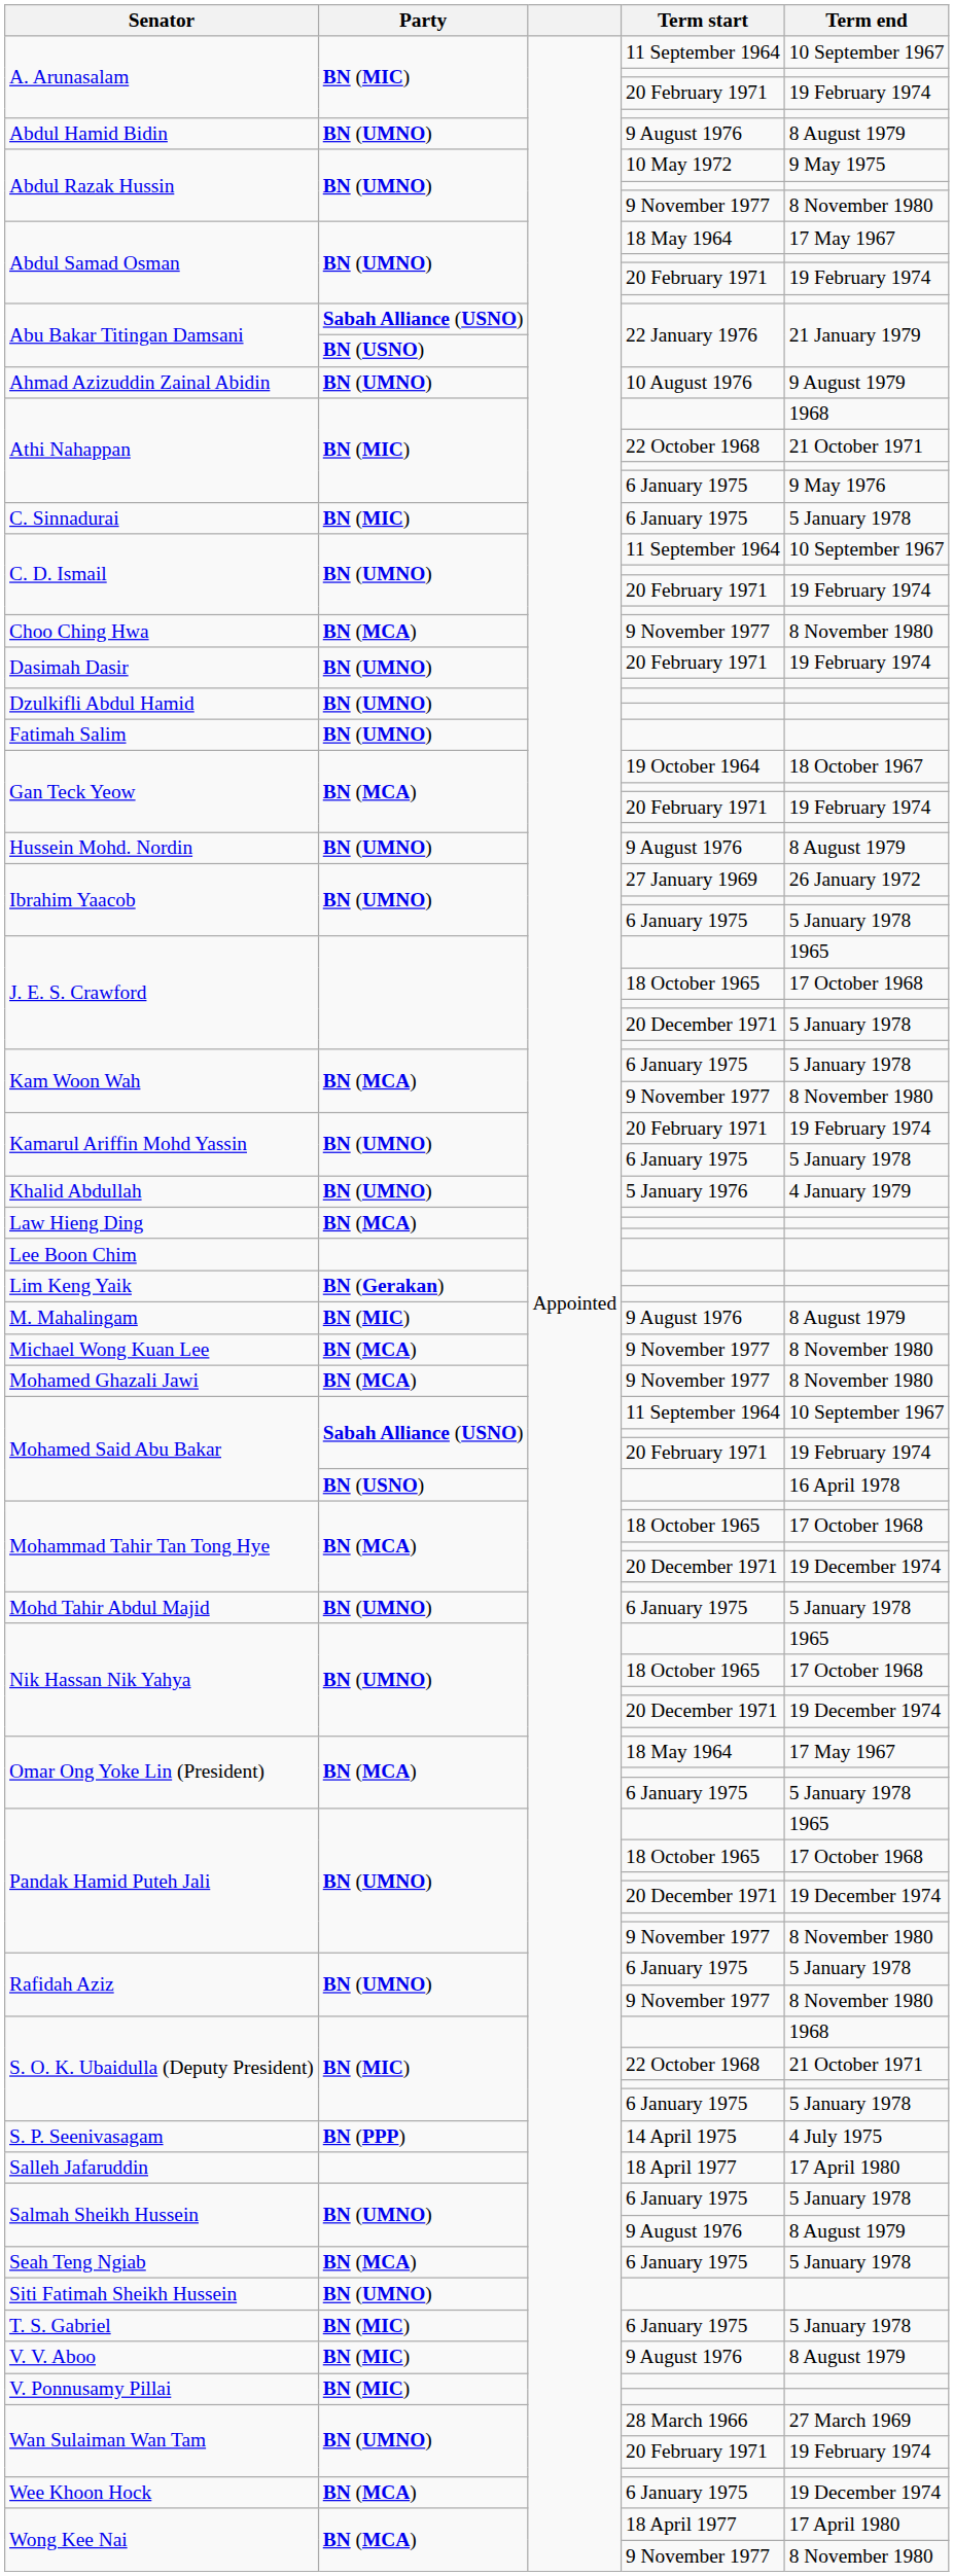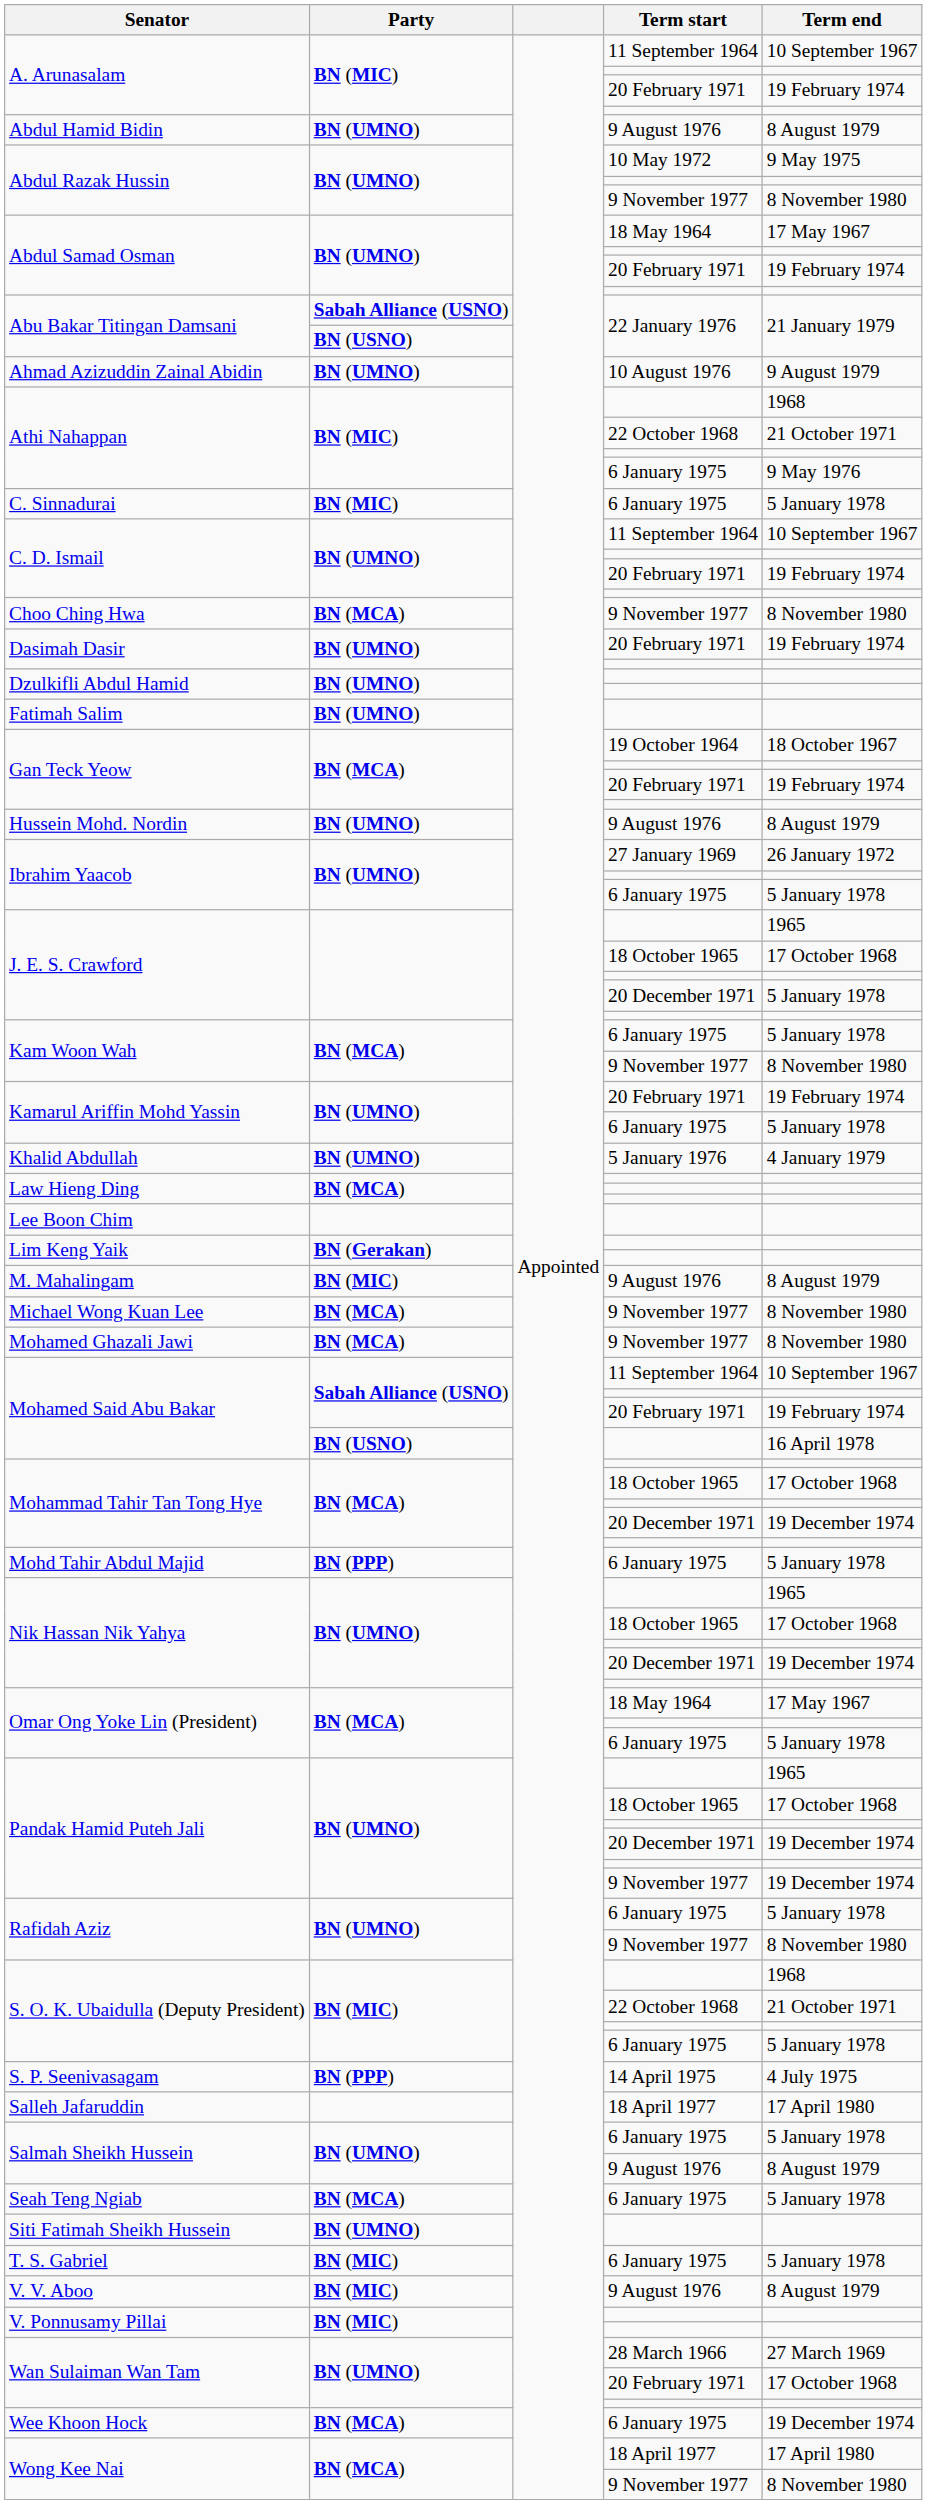 <table class="wikitable sortable">
 <tr>
 <th>Senator</th>
 <th>Party</th>
 <th></th>
 <th>Term start</th>
 <th>Term end</th>
 </tr>
 <tr>
 <td rowspan=4><a href='#'>A. Arunasalam</a></td>
 <td rowspan=4><strong><a href='#'>BN</a></strong> (<strong><a href='#'>MIC</a></strong>)</td>
 <td rowspan="103">Appointed</td>
 <td>11 September 1964</td>
 <td>10 September 1967</td>
 </tr>
 <tr>
 <td></td>
 <td></td>
 </tr>
 <tr>
 <td>20 February 1971</td>
 <td>19 February 1974</td>
 </tr>
 <tr>
 <td></td>
 <td></td>
 </tr>
 <tr>
 <td><a href='#'>Abdul Hamid Bidin</a></td>
 <td><strong><a href='#'>BN</a></strong> (<strong><a href='#'>UMNO</a></strong>)</td>
 <td>9 August 1976</td>
 <td>8 August 1979</td>
 </tr>
 <tr>
 <td rowspan=3><a href='#'>Abdul Razak Hussin</a></td>
 <td rowspan=3><strong><a href='#'>BN</a></strong> (<strong><a href='#'>UMNO</a></strong>)</td>
 <td>10 May 1972</td>
 <td>9 May 1975</td>
 </tr>
 <tr>
 <td></td>
 <td></td>
 </tr>
 <tr>
 <td>9 November 1977</td>
 <td>8 November 1980</td>
 </tr>
 <tr>
 <td rowspan=4><a href='#'>Abdul Samad Osman</a></td>
 <td rowspan=4><strong><a href='#'>BN</a></strong> (<strong><a href='#'>UMNO</a></strong>)</td>
 <td>18 May 1964</td>
 <td>17 May 1967</td>
 </tr>
 <tr>
 <td></td>
 <td></td>
 </tr>
 <tr>
 <td>20 February 1971</td>
 <td>19 February 1974</td>
 </tr>
 <tr>
 <td></td>
 <td></td>
 </tr>
 <tr>
 <td rowspan="2"><a href='#'>Abu Bakar Titingan Damsani</a></td>
 <td><strong><a href='#'>Sabah Alliance</a></strong> (<strong><a href='#'>USNO</a></strong>)</td>
 <td rowspan="2">22 January 1976</td>
 <td rowspan="2">21 January 1979</td>
 </tr>
 <tr>
 <td><strong><a href='#'>BN</a></strong> (<strong><a href='#'>USNO</a></strong>)</td>
 </tr>
 <tr>
 <td><a href='#'>Ahmad Azizuddin Zainal Abidin</a></td>
 <td><strong><a href='#'>BN</a></strong> (<strong><a href='#'>UMNO</a></strong>)</td>
 <td>10 August 1976</td>
 <td>9 August 1979</td>
 </tr>
 <tr>
 <td rowspan=4><a href='#'>Athi Nahappan</a></td>
 <td rowspan=4><strong><a href='#'>BN</a></strong> (<strong><a href='#'>MIC</a></strong>)</td>
 <td></td>
 <td>1968</td>
 </tr>
 <tr>
 <td>22 October 1968</td>
 <td>21 October 1971</td>
 </tr>
 <tr>
 <td></td>
 <td></td>
 </tr>
 <tr>
 <td>6 January 1975</td>
 <td>9 May 1976</td>
 </tr>
 <tr>
 <td><a href='#'>C. Sinnadurai</a></td>
 <td><strong><a href='#'>BN</a></strong> (<strong><a href='#'>MIC</a></strong>)</td>
 <td>6 January 1975</td>
 <td>5 January 1978</td>
 </tr>
 <tr>
 <td rowspan=4><a href='#'>C. D. Ismail</a></td>
 <td rowspan=4><strong><a href='#'>BN</a></strong> (<strong><a href='#'>UMNO</a></strong>)</td>
 <td>11 September 1964</td>
 <td>10 September 1967</td>
 </tr>
 <tr>
 <td></td>
 <td></td>
 </tr>
 <tr>
 <td>20 February 1971</td>
 <td>19 February 1974</td>
 </tr>
 <tr>
 <td></td>
 <td></td>
 </tr>
 <tr>
 <td><a href='#'>Choo Ching Hwa</a></td>
 <td><strong><a href='#'>BN</a></strong> (<strong><a href='#'>MCA</a></strong>)</td>
 <td>9 November 1977</td>
 <td>8 November 1980</td>
 </tr>
 <tr>
 <td rowspan=2><a href='#'>Dasimah Dasir</a></td>
 <td rowspan=2><strong><a href='#'>BN</a></strong> (<strong><a href='#'>UMNO</a></strong>)</td>
 <td>20 February 1971</td>
 <td>19 February 1974</td>
 </tr>
 <tr>
 <td></td>
 <td></td>
 </tr>
 <tr>
 <td rowspan=2><a href='#'>Dzulkifli Abdul Hamid</a></td>
 <td rowspan=2><strong><a href='#'>BN</a></strong> (<strong><a href='#'>UMNO</a></strong>)</td>
 <td></td>
 <td></td>
 </tr>
 <tr>
 <td></td>
 <td></td>
 </tr>
 <tr>
 <td><a href='#'>Fatimah Salim</a></td>
 <td><strong><a href='#'>BN</a></strong> (<strong><a href='#'>UMNO</a></strong>)</td>
 <td></td>
 <td></td>
 </tr>
 <tr>
 <td rowspan=4><a href='#'>Gan Teck Yeow</a></td>
 <td rowspan=4><strong><a href='#'>BN</a></strong> (<strong><a href='#'>MCA</a></strong>)</td>
 <td>19 October 1964</td>
 <td>18 October 1967</td>
 </tr>
 <tr>
 <td></td>
 <td></td>
 </tr>
 <tr>
 <td>20 February 1971</td>
 <td>19 February 1974</td>
 </tr>
 <tr>
 <td></td>
 <td></td>
 </tr>
 <tr>
 <td><a href='#'>Hussein Mohd. Nordin</a></td>
 <td><strong><a href='#'>BN</a></strong> (<strong><a href='#'>UMNO</a></strong>)</td>
 <td>9 August 1976</td>
 <td>8 August 1979</td>
 </tr>
 <tr>
 <td rowspan=3><a href='#'>Ibrahim Yaacob</a></td>
 <td rowspan=3><strong><a href='#'>BN</a></strong> (<strong><a href='#'>UMNO</a></strong>)</td>
 <td>27 January 1969</td>
 <td>26 January 1972</td>
 </tr>
 <tr>
 <td></td>
 <td></td>
 </tr>
 <tr>
 <td>6 January 1975</td>
 <td>5 January 1978</td>
 </tr>
 <tr>
 <td rowspan=5><a href='#'>J. E. S. Crawford</a></td>
 <td rowspan=5></td>
 <td></td>
 <td>1965</td>
 </tr>
 <tr>
 <td>18 October 1965</td>
 <td>17 October 1968</td>
 </tr>
 <tr>
 <td></td>
 <td></td>
 </tr>
 <tr>
 <td>20 December 1971</td>
 <td>5 January 1978</td>
 </tr>
 <tr>
 <td></td>
 <td></td>
 </tr>
 <tr>
 <td rowspan=2><a href='#'>Kam Woon Wah</a></td>
 <td rowspan=2><strong><a href='#'>BN</a></strong> (<strong><a href='#'>MCA</a></strong>)</td>
 <td>6 January 1975</td>
 <td>5 January 1978</td>
 </tr>
 <tr>
 <td>9 November 1977</td>
 <td>8 November 1980</td>
 </tr>
 <tr>
 <td rowspan=2><a href='#'>Kamarul Ariffin Mohd Yassin</a></td>
 <td rowspan=2><strong><a href='#'>BN</a></strong> (<strong><a href='#'>UMNO</a></strong>)</td>
 <td>20 February 1971</td>
 <td>19 February 1974</td>
 </tr>
 <tr>
 <td>6 January 1975</td>
 <td>5 January 1978</td>
 </tr>
 <tr>
 <td><a href='#'>Khalid Abdullah</a></td>
 <td><strong><a href='#'>BN</a></strong> (<strong><a href='#'>UMNO</a></strong>)</td>
 <td>5 January 1976</td>
 <td>4 January 1979</td>
 </tr>
 <tr>
 <td rowspan=3><a href='#'>Law Hieng Ding</a></td>
 <td rowspan=3><strong><a href='#'>BN</a></strong> (<strong><a href='#'>MCA</a></strong>)</td>
 <td></td>
 <td></td>
 </tr>
 <tr>
 <td></td>
 <td></td>
 </tr>
 <tr>
 <td></td>
 <td></td>
 </tr>
 <tr>
 <td><a href='#'>Lee Boon Chim</a></td>
 <td></td>
 <td></td>
 <td></td>
 </tr>
 <tr>
 <td rowspan=2><a href='#'>Lim Keng Yaik</a></td>
 <td rowspan=2><strong><a href='#'>BN</a></strong> (<strong><a href='#'>Gerakan</a></strong>)</td>
 <td></td>
 <td></td>
 </tr>
 <tr>
 <td></td>
 <td></td>
 </tr>
 <tr>
 <td><a href='#'>M. Mahalingam</a></td>
 <td><strong><a href='#'>BN</a></strong> (<strong><a href='#'>MIC</a></strong>)</td>
 <td>9 August 1976</td>
 <td>8 August 1979</td>
 </tr>
 <tr>
 <td><a href='#'>Michael Wong Kuan Lee</a></td>
 <td><strong><a href='#'>BN</a></strong> (<strong><a href='#'>MCA</a></strong>)</td>
 <td>9 November 1977</td>
 <td>8 November 1980</td>
 </tr>
 <tr>
 <td><a href='#'>Mohamed Ghazali Jawi</a></td>
 <td><strong><a href='#'>BN</a></strong> (<strong><a href='#'>MCA</a></strong>)</td>
 <td>9 November 1977</td>
 <td>8 November 1980</td>
 </tr>
 <tr>
 <td rowspan=4><a href='#'>Mohamed Said Abu Bakar</a></td>
 <td rowspan="3"><strong><a href='#'>Sabah Alliance</a></strong> (<strong><a href='#'>USNO</a></strong>)</td>
 <td>11 September 1964</td>
 <td>10 September 1967</td>
 </tr>
 <tr>
 <td></td>
 <td></td>
 </tr>
 <tr>
 <td>20 February 1971</td>
 <td>19 February 1974</td>
 </tr>
 <tr>
 <td><strong><a href='#'>BN</a></strong> (<strong><a href='#'>USNO</a></strong>)</td>
 <td></td>
 <td>16 April 1978</td>
 </tr>
 <tr>
 <td rowspan=5><a href='#'>Mohammad Tahir Tan Tong Hye</a></td>
 <td rowspan=5><strong><a href='#'>BN</a></strong> (<strong><a href='#'>MCA</a></strong>)</td>
 <td></td>
 <td></td>
 </tr>
 <tr>
 <td>18 October 1965</td>
 <td>17 October 1968</td>
 </tr>
 <tr>
 <td></td>
 <td></td>
 </tr>
 <tr>
 <td>20 December 1971</td>
 <td>19 December 1974</td>
 </tr>
 <tr>
 <td></td>
 <td></td>
 </tr>
 <tr>
 <td><a href='#'>Mohd Tahir Abdul Majid</a></td>
-<td><strong><a href='#'>BN</a></strong> (<strong><a href='#'>UMNO</a></strong>)</td>
+<td><strong><a href='#'>BN</a></strong> (<strong><a href='#'>PPP</a></strong>)</td>
 <td>6 January 1975</td>
 <td>5 January 1978</td>
 </tr>
 <tr>
 <td rowspan=5><a href='#'>Nik Hassan Nik Yahya</a></td>
 <td rowspan=5><strong><a href='#'>BN</a></strong> (<strong><a href='#'>UMNO</a></strong>)</td>
 <td></td>
 <td>1965</td>
 </tr>
 <tr>
 <td>18 October 1965</td>
 <td>17 October 1968</td>
 </tr>
 <tr>
 <td></td>
 <td></td>
 </tr>
 <tr>
 <td>20 December 1971</td>
 <td>19 December 1974</td>
 </tr>
 <tr>
 <td></td>
 <td></td>
 </tr>
 <tr>
 <td rowspan=3><a href='#'>Omar Ong Yoke Lin</a> (President)</td>
 <td rowspan=3><strong><a href='#'>BN</a></strong> (<strong><a href='#'>MCA</a></strong>)</td>
 <td>18 May 1964</td>
 <td>17 May 1967</td>
 </tr>
 <tr>
 <td></td>
 <td></td>
 </tr>
 <tr>
 <td>6 January 1975</td>
 <td>5 January 1978</td>
 </tr>
 <tr>
 <td rowspan=6><a href='#'>Pandak Hamid Puteh Jali</a></td>
 <td rowspan=6><strong><a href='#'>BN</a></strong> (<strong><a href='#'>UMNO</a></strong>)</td>
 <td></td>
 <td>1965</td>
 </tr>
 <tr>
 <td>18 October 1965</td>
 <td>17 October 1968</td>
 </tr>
 <tr>
 <td></td>
 <td></td>
 </tr>
 <tr>
 <td>20 December 1971</td>
 <td>19 December 1974</td>
 </tr>
 <tr>
 <td></td>
 <td></td>
 </tr>
 <tr>
 <td>9 November 1977</td>
-<td>8 November 1980</td>
+<td>19 December 1974</td>
 </tr>
 <tr>
 <td rowspan=2><a href='#'>Rafidah Aziz</a></td>
 <td rowspan=2><strong><a href='#'>BN</a></strong> (<strong><a href='#'>UMNO</a></strong>)</td>
 <td>6 January 1975</td>
 <td>5 January 1978</td>
 </tr>
 <tr>
 <td>9 November 1977</td>
 <td>8 November 1980</td>
 </tr>
 <tr>
 <td rowspan=4><a href='#'>S. O. K. Ubaidulla</a> (Deputy President)</td>
 <td rowspan=4><strong><a href='#'>BN</a></strong> (<strong><a href='#'>MIC</a></strong>)</td>
 <td></td>
 <td>1968</td>
 </tr>
 <tr>
 <td>22 October 1968</td>
 <td>21 October 1971</td>
 </tr>
 <tr>
 <td></td>
 <td></td>
 </tr>
 <tr>
 <td>6 January 1975</td>
 <td>5 January 1978</td>
 </tr>
 <tr>
 <td><a href='#'>S. P. Seenivasagam</a></td>
 <td><strong><a href='#'>BN</a></strong> (<strong><a href='#'>PPP</a></strong>)</td>
 <td>14 April 1975</td>
 <td>4 July 1975</td>
 </tr>
 <tr>
 <td><a href='#'>Salleh Jafaruddin</a></td>
 <td></td>
 <td>18 April 1977</td>
 <td>17 April 1980</td>
 </tr>
 <tr>
 <td rowspan=2><a href='#'>Salmah Sheikh Hussein</a></td>
 <td rowspan=2><strong><a href='#'>BN</a></strong> (<strong><a href='#'>UMNO</a></strong>)</td>
 <td>6 January 1975</td>
 <td>5 January 1978</td>
 </tr>
 <tr>
 <td>9 August 1976</td>
 <td>8 August 1979</td>
 </tr>
 <tr>
 <td><a href='#'>Seah Teng Ngiab</a></td>
 <td><strong><a href='#'>BN</a></strong> (<strong><a href='#'>MCA</a></strong>)</td>
 <td>6 January 1975</td>
 <td>5 January 1978</td>
 </tr>
 <tr>
 <td><a href='#'>Siti Fatimah Sheikh Hussein</a></td>
 <td><strong><a href='#'>BN</a></strong> (<strong><a href='#'>UMNO</a></strong>)</td>
 <td></td>
 <td></td>
 </tr>
 <tr>
 <td><a href='#'>T. S. Gabriel</a></td>
 <td><strong><a href='#'>BN</a></strong> (<strong><a href='#'>MIC</a></strong>)</td>
 <td>6 January 1975</td>
 <td>5 January 1978</td>
 </tr>
 <tr>
 <td><a href='#'>V. V. Aboo</a></td>
 <td><strong><a href='#'>BN</a></strong> (<strong><a href='#'>MIC</a></strong>)</td>
 <td>9 August 1976</td>
 <td>8 August 1979</td>
 </tr>
 <tr>
 <td rowspan=2><a href='#'>V. Ponnusamy Pillai</a></td>
 <td rowspan=2><strong><a href='#'>BN</a></strong> (<strong><a href='#'>MIC</a></strong>)</td>
 <td></td>
 <td></td>
 </tr>
 <tr>
 <td></td>
 <td></td>
 </tr>
 <tr>
 <td rowspan=3><a href='#'>Wan Sulaiman Wan Tam</a></td>
 <td rowspan=3><strong><a href='#'>BN</a></strong> (<strong><a href='#'>UMNO</a></strong>)</td>
 <td>28 March 1966</td>
 <td>27 March 1969</td>
 </tr>
 <tr>
 <td>20 February 1971</td>
-<td>19 February 1974</td>
+<td>17 October 1968</td>
 </tr>
 <tr>
 <td></td>
 <td></td>
 </tr>
 <tr>
 <td><a href='#'>Wee Khoon Hock</a></td>
 <td><strong><a href='#'>BN</a></strong> (<strong><a href='#'>MCA</a></strong>)</td>
 <td>6 January 1975</td>
 <td>19 December 1974</td>
 </tr>
 <tr>
 <td rowspan=2><a href='#'>Wong Kee Nai</a></td>
 <td rowspan=2><strong><a href='#'>BN</a></strong> (<strong><a href='#'>MCA</a></strong>)</td>
 <td>18 April 1977</td>
 <td>17 April 1980</td>
 </tr>
 <tr>
 <td>9 November 1977</td>
 <td>8 November 1980</td>
 </tr>
 </table>
